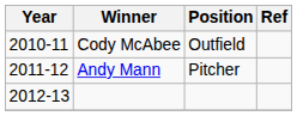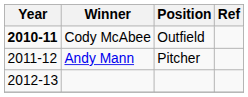 <table class="wikitable sortable">
 <tr>
 <th>Year</th>
 <th>Winner</th>
 <th>Position</th>
 <th class=unsortable>Ref</th>
 </tr>
 <tr>
-<td>2010-11</td>
+<td><strong>2010-11</strong></td>
 <td>Cody McAbee</td>
 <td>Outfield</td>
 <td></td>
 </tr>
 <tr>
 <td>2011-12</td>
 <td><a href='#'>Andy Mann</a></td>
 <td>Pitcher</td>
 <td></td>
 </tr>
 <tr>
 <td>2012-13</td>
 <td></td>
 <td></td>
 <td></td>
 </tr>
 <tr>
 </tr>
 </table>
